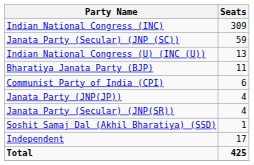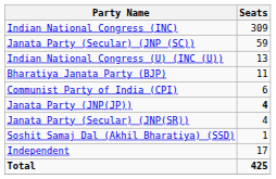 <table class="wikitable sortable" style=text-align:right>
 <tr>
 <th>Party Name</th>
 <th>Seats</th>
 </tr>
 <tr>
 <td align=left><a href='#'>Indian National Congress (INC)</a></td>
 <td>309</td>
 </tr>
 <tr>
 <td align=left><a href='#'>Janata Party (Secular) (JNP (SC))</a></td>
 <td>59</td>
 </tr>
 <tr>
 <td align=left><a href='#'>Indian National Congress (U) (INC (U))</a></td>
 <td>13</td>
 </tr>
 <tr>
 <td align=left><a href='#'>Bharatiya Janata Party (BJP)</a></td>
 <td>11</td>
 </tr>
 <tr>
 <td align=left><a href='#'>Communist Party of India (CPI)</a></td>
 <td>6</td>
 </tr>
 <tr>
 <td align=left><a href='#'>Janata Party (JNP(JP))</a></td>
-<td>4</td>
+<td><strong>4</strong></td>
 </tr>
 <tr>
 <td align=left><a href='#'>Janata Party (Secular) (JNP(SR))</a></td>
 <td>4</td>
 </tr>
 <tr>
 <td align=left><a href='#'>Soshit Samaj Dal (Akhil Bharatiya)  (SSD)</a></td>
 <td>1</td>
 </tr>
 <tr>
 <td align=left><a href='#'>Independent</a></td>
 <td>17</td>
 </tr>
 <tr class=sortbottom>
 <td align=left><strong>Total</strong></td>
 <td><strong>425</strong></td>
 </tr>
 <tr class=sortbottom>
 </tr>
 </table>
